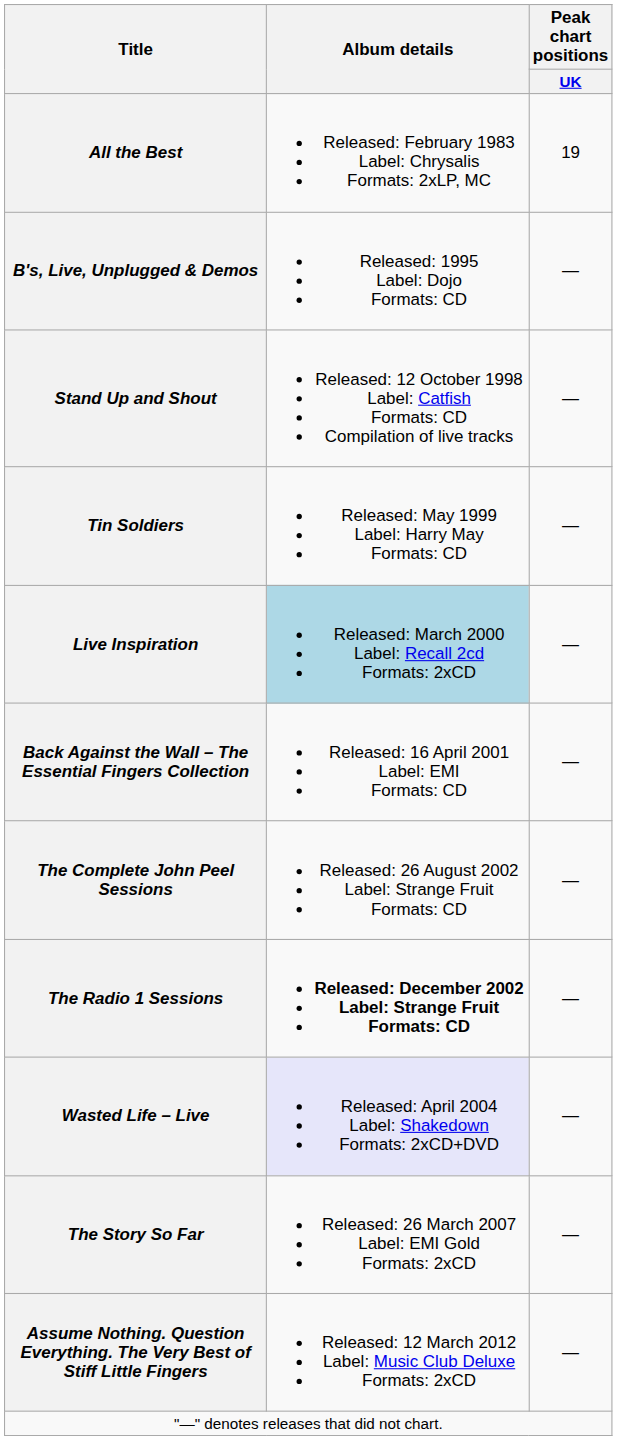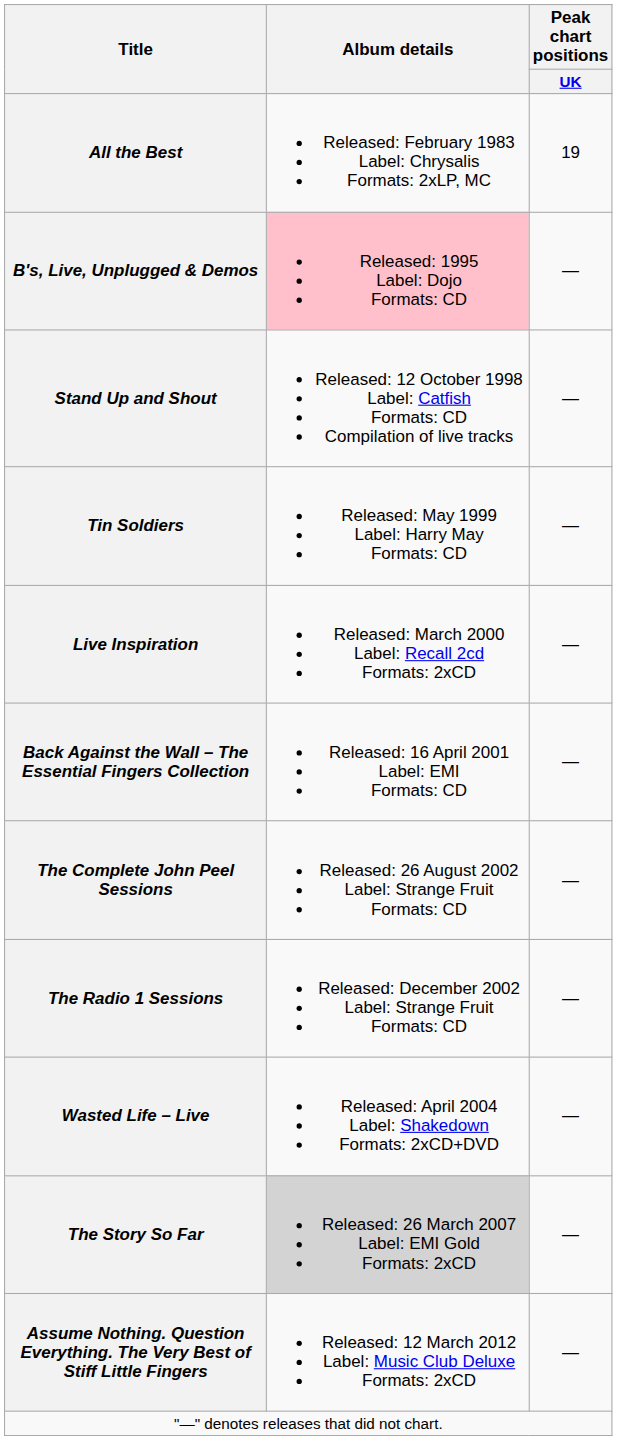 <table class="wikitable plainrowheaders" style="text-align:center;">
 <tr>
 <th rowspan="2" scope="col" style="width:15em;">Title</th>
 <th rowspan="2" scope="col" style="width:15em;">Album details</th>
 <th>Peak chart positions</th>
 </tr>
 <tr>
 <th scope="col" style="width:2em;font-size:90%;"><a href='#'>UK</a><br></th>
 </tr>
 <tr>
 <th scope="row"><em>All the Best</em></th>
 <td><br><ul><li>Released: February 1983</li><li>Label: Chrysalis</li><li>Formats: 2xLP, MC</li></ul></td>
 <td>19</td>
 </tr>
 <tr>
 <th scope="row"><em>B's, Live, Unplugged & Demos</em></th>
-<td><br><ul><li>Released: 1995</li><li>Label: Dojo</li><li>Formats: CD</li></ul></td>
+<td style="background: pink;"><br><ul><li>Released: 1995</li><li>Label: Dojo</li><li>Formats: CD</li></ul></td>
 <td>—</td>
 </tr>
 <tr>
 <th scope="row"><em>Stand Up and Shout</em></th>
 <td><br><ul><li>Released: 12 October 1998</li><li>Label: <a href='#'>Catfish</a></li><li>Formats: CD</li><li>Compilation of live tracks</li></ul></td>
 <td>—</td>
 </tr>
 <tr>
 <th scope="row"><em>Tin Soldiers</em></th>
 <td><br><ul><li>Released: May 1999</li><li>Label: Harry May</li><li>Formats: CD</li></ul></td>
 <td>—</td>
 </tr>
 <tr>
 <th scope="row"><em>Live Inspiration</em></th>
-<td style="background: lightblue;"><br><ul><li>Released: March 2000</li><li>Label: <a href='#'>Recall 2cd</a></li><li>Formats: 2xCD</li></ul></td>
+<td><br><ul><li>Released: March 2000</li><li>Label: <a href='#'>Recall 2cd</a></li><li>Formats: 2xCD</li></ul></td>
 <td>—</td>
 </tr>
 <tr>
 <th scope="row"><em>Back Against the Wall – The Essential Fingers Collection</em></th>
 <td><br><ul><li>Released: 16 April 2001</li><li>Label: EMI</li><li>Formats: CD</li></ul></td>
 <td>—</td>
 </tr>
 <tr>
 <th scope="row"><em>The Complete John Peel Sessions</em></th>
 <td><br><ul><li>Released: 26 August 2002</li><li>Label: Strange Fruit</li><li>Formats: CD</li></ul></td>
 <td>—</td>
 </tr>
 <tr>
 <th scope="row"><em>The Radio 1 Sessions</em></th>
-<td><strong><br><ul><li>Released: December 2002</li><li>Label: Strange Fruit</li><li>Formats: CD</li></ul></strong></td>
+<td><br><ul><li>Released: December 2002</li><li>Label: Strange Fruit</li><li>Formats: CD</li></ul></td>
 <td>—</td>
 </tr>
 <tr>
 <th scope="row"><em>Wasted Life – Live</em></th>
-<td style="background: lavender;"><br><ul><li>Released: April 2004</li><li>Label: <a href='#'>Shakedown</a></li><li>Formats: 2xCD+DVD</li></ul></td>
+<td><br><ul><li>Released: April 2004</li><li>Label: <a href='#'>Shakedown</a></li><li>Formats: 2xCD+DVD</li></ul></td>
 <td>—</td>
 </tr>
 <tr>
 <th scope="row"><em>The Story So Far</em></th>
-<td><br><ul><li>Released: 26 March 2007</li><li>Label: EMI Gold</li><li>Formats: 2xCD</li></ul></td>
+<td style="background: lightgrey;"><br><ul><li>Released: 26 March 2007</li><li>Label: EMI Gold</li><li>Formats: 2xCD</li></ul></td>
 <td>—</td>
 </tr>
 <tr>
 <th scope="row"><em>Assume Nothing. Question Everything. The Very Best of Stiff Little Fingers</em></th>
 <td><br><ul><li>Released: 12 March 2012</li><li>Label: <a href='#'>Music Club Deluxe</a></li><li>Formats: 2xCD</li></ul></td>
 <td>—</td>
 </tr>
 <tr>
 <td colspan="3" style="font-size:90%">"—" denotes releases that did not chart.</td>
 </tr>
 </table>
